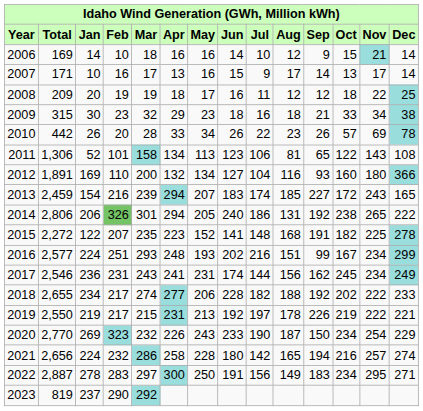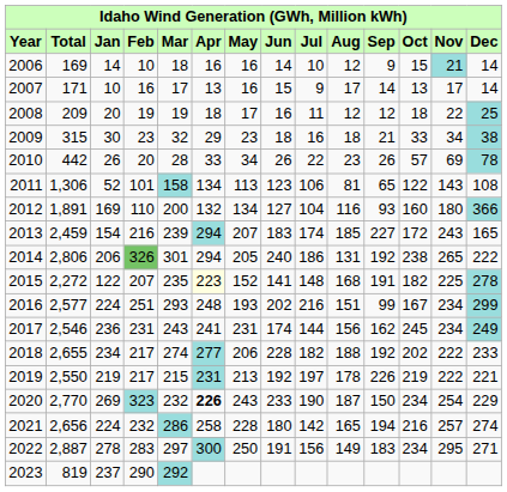 <table class="wikitable" style="text-align:right;">
 <tr>
 <th colspan="14" style="background:#cfb;">Idaho Wind Generation (GWh, Million kWh)</th>
 </tr>
 <tr>
 <th style="background:#cfb;">Year</th>
 <th style="background:#cfb;">Total</th>
 <th style="background:#cfb;">Jan</th>
 <th style="background:#cfb;">Feb</th>
 <th style="background:#cfb;">Mar</th>
 <th style="background:#cfb;">Apr</th>
 <th style="background:#cfb;">May</th>
 <th style="background:#cfb;">Jun</th>
 <th style="background:#cfb;">Jul</th>
 <th style="background:#cfb;">Aug</th>
 <th style="background:#cfb;">Sep</th>
 <th style="background:#cfb;">Oct</th>
 <th style="background:#cfb;">Nov</th>
 <th style="background:#cfb;">Dec</th>
 </tr>
 <tr align=right>
 <td>2006</td>
 <td>169</td>
 <td>14</td>
 <td>10</td>
 <td>18</td>
 <td>16</td>
 <td>16</td>
 <td>14</td>
 <td>10</td>
 <td>12</td>
 <td>9</td>
 <td>15</td>
 <td style="background-color: #9dd;">21</td>
 <td>14</td>
 </tr>
 <tr align=right>
 <td>2007</td>
 <td>171</td>
 <td>10</td>
 <td>16</td>
 <td>17</td>
 <td>13</td>
 <td>16</td>
 <td>15</td>
 <td>9</td>
 <td>17</td>
 <td>14</td>
 <td>13</td>
 <td>17</td>
 <td>14</td>
 </tr>
 <tr align=right>
 <td>2008</td>
 <td>209</td>
 <td>20</td>
 <td>19</td>
 <td>19</td>
 <td>18</td>
 <td>17</td>
 <td>16</td>
 <td>11</td>
 <td>12</td>
 <td>12</td>
 <td>18</td>
 <td>22</td>
 <td style="background-color: #9dd;">25</td>
 </tr>
 <tr align=right>
 <td>2009</td>
 <td>315</td>
 <td>30</td>
 <td>23</td>
 <td>32</td>
 <td>29</td>
 <td>23</td>
 <td>18</td>
 <td>16</td>
 <td>18</td>
 <td>21</td>
 <td>33</td>
 <td>34</td>
 <td style="background-color: #9dd;">38</td>
 </tr>
 <tr align=right>
 <td>2010</td>
 <td>442</td>
 <td>26</td>
 <td>20</td>
 <td>28</td>
 <td>33</td>
 <td>34</td>
 <td>26</td>
 <td>22</td>
 <td>23</td>
 <td>26</td>
 <td>57</td>
 <td>69</td>
 <td style="background-color: #9dd;">78</td>
 </tr>
 <tr align=right>
 <td>2011</td>
 <td>1,306</td>
 <td>52</td>
 <td>101</td>
 <td style="background-color: #9dd;">158</td>
 <td>134</td>
 <td>113</td>
 <td>123</td>
 <td>106</td>
 <td>81</td>
 <td>65</td>
 <td>122</td>
 <td>143</td>
 <td>108</td>
 </tr>
 <tr align=right>
 <td>2012</td>
 <td>1,891</td>
 <td>169</td>
 <td>110</td>
 <td>200</td>
 <td>132</td>
 <td>134</td>
 <td>127</td>
 <td>104</td>
 <td>116</td>
 <td>93</td>
 <td>160</td>
 <td>180</td>
 <td style="background-color: #9dd;">366</td>
 </tr>
 <tr align=right>
 <td>2013</td>
 <td>2,459</td>
 <td>154</td>
 <td>216</td>
 <td>239</td>
 <td style="background-color: #9dd;">294</td>
 <td>207</td>
 <td>183</td>
 <td>174</td>
 <td>185</td>
 <td>227</td>
 <td>172</td>
 <td>243</td>
 <td>165</td>
 </tr>
 <tr align=right>
 <td>2014</td>
 <td>2,806</td>
 <td>206</td>
 <td style="background-color: #74C365">326</td>
 <td>301</td>
 <td>294</td>
 <td>205</td>
 <td>240</td>
 <td>186</td>
 <td>131</td>
 <td>192</td>
 <td>238</td>
 <td>265</td>
 <td>222</td>
 </tr>
 <tr align=right>
 <td>2015</td>
 <td>2,272</td>
 <td>122</td>
 <td>207</td>
 <td>235</td>
-<td>223</td>
+<td style="background: lightyellow;">223</td>
 <td>152</td>
 <td>141</td>
 <td>148</td>
 <td>168</td>
 <td>191</td>
 <td>182</td>
 <td>225</td>
 <td style="background-color: #9dd;">278</td>
 </tr>
 <tr align=right>
 <td>2016</td>
 <td>2,577</td>
 <td>224</td>
 <td>251</td>
 <td>293</td>
 <td>248</td>
 <td>193</td>
 <td>202</td>
 <td>216</td>
 <td>151</td>
 <td>99</td>
 <td>167</td>
 <td>234</td>
 <td style="background-color: #9dd;">299</td>
 </tr>
 <tr align=right>
 <td>2017</td>
 <td>2,546</td>
 <td>236</td>
 <td>231</td>
 <td>243</td>
 <td>241</td>
 <td>231</td>
 <td>174</td>
 <td>144</td>
 <td>156</td>
 <td>162</td>
 <td>245</td>
 <td>234</td>
 <td style="background-color: #9dd;">249</td>
 </tr>
 <tr align=right>
 <td>2018</td>
 <td>2,655</td>
 <td>234</td>
 <td>217</td>
 <td>274</td>
 <td style="background-color: #9dd;">277</td>
 <td>206</td>
 <td>228</td>
 <td>182</td>
 <td>188</td>
 <td>192</td>
 <td>202</td>
 <td>222</td>
 <td>233</td>
 </tr>
 <tr align=right>
 <td>2019</td>
 <td>2,550</td>
 <td>219</td>
 <td>217</td>
 <td>215</td>
 <td style="background-color: #9dd;">231</td>
 <td>213</td>
 <td>192</td>
 <td>197</td>
 <td>178</td>
 <td>226</td>
 <td>219</td>
 <td>222</td>
 <td>221</td>
 </tr>
 <tr align=right>
 <td>2020</td>
 <td>2,770</td>
 <td>269</td>
 <td style="background-color: #9dd;">323</td>
 <td>232</td>
-<td>226</td>
+<td><strong>226</strong></td>
 <td>243</td>
 <td>233</td>
 <td>190</td>
 <td>187</td>
 <td>150</td>
 <td>234</td>
 <td>254</td>
 <td>229</td>
 </tr>
 <tr align=right>
 <td>2021</td>
 <td>2,656</td>
 <td>224</td>
 <td>232</td>
 <td style="background-color: #9dd;">286</td>
 <td>258</td>
 <td>228</td>
 <td>180</td>
 <td>142</td>
 <td>165</td>
 <td>194</td>
 <td>216</td>
 <td>257</td>
 <td>274</td>
 </tr>
 <tr align=right>
 <td>2022</td>
 <td>2,887</td>
 <td>278</td>
 <td>283</td>
 <td>297</td>
 <td style="background-color: #9dd;">300</td>
 <td>250</td>
 <td>191</td>
 <td>156</td>
 <td>149</td>
 <td>183</td>
 <td>234</td>
 <td>295</td>
 <td>271</td>
 </tr>
 <tr align=right>
 <td>2023</td>
 <td>819</td>
 <td>237</td>
 <td>290</td>
 <td style="background-color: #9dd;">292</td>
 <td></td>
 <td></td>
 <td></td>
 <td></td>
 <td></td>
 <td></td>
 <td></td>
 <td></td>
 <td></td>
 </tr>
 </table>
